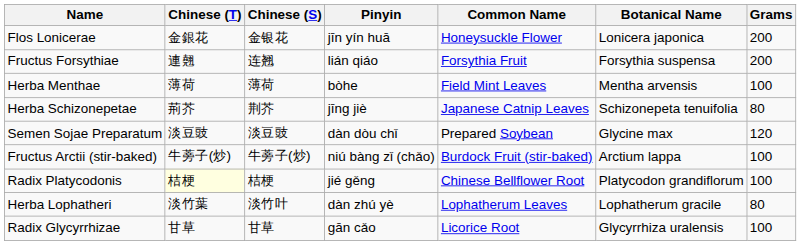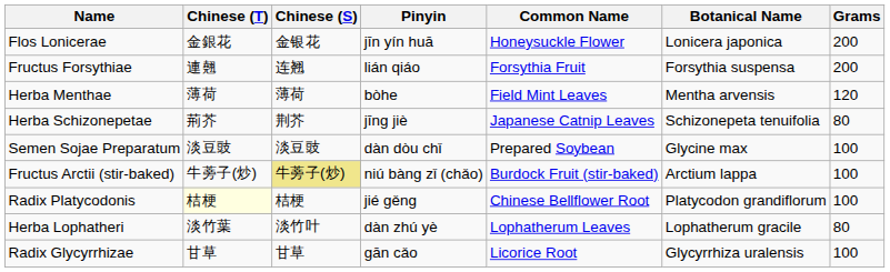 <table class="wikitable sortable">
 <tr>
 <th>Name</th>
 <th>Chinese (<a href='#'>T</a>)</th>
 <th>Chinese (<a href='#'>S</a>)</th>
 <th>Pinyin</th>
 <th>Common Name</th>
 <th>Botanical Name</th>
 <th>Grams</th>
 </tr>
 <tr>
 <td>Flos Lonicerae</td>
 <td>金銀花</td>
 <td>金银花</td>
 <td>jīn yín huā</td>
 <td><a href='#'>Honeysuckle Flower</a></td>
 <td>Lonicera japonica</td>
 <td>200</td>
 </tr>
 <tr>
 <td>Fructus Forsythiae</td>
 <td>連翹</td>
 <td>连翘</td>
 <td>lián qiáo</td>
 <td><a href='#'>Forsythia Fruit</a></td>
 <td>Forsythia suspensa</td>
 <td>200</td>
 </tr>
 <tr>
 <td>Herba Menthae</td>
 <td>薄荷</td>
 <td>薄荷</td>
 <td>bò​he</td>
 <td><a href='#'>Field Mint Leaves</a></td>
 <td>Mentha arvensis</td>
-<td>100</td>
+<td>120</td>
 </tr>
 <tr>
 <td>Herba Schizonepetae</td>
 <td>荊芥</td>
 <td>荆芥</td>
 <td>jīng jiè</td>
 <td><a href='#'>Japanese Catnip Leaves</a></td>
 <td>Schizonepeta tenuifolia</td>
 <td>80</td>
 </tr>
 <tr>
 <td>Semen Sojae Preparatum</td>
 <td>淡豆豉</td>
 <td>淡豆豉</td>
 <td>dàn dòu chǐ</td>
 <td>Prepared <a href='#'>Soybean</a></td>
 <td>Glycine max</td>
-<td>120</td>
+<td>100</td>
 </tr>
 <tr>
 <td>Fructus Arctii (stir-baked)</td>
 <td>牛蒡子(炒)</td>
-<td>牛蒡子(炒)</td>
+<td style="background: khaki;">牛蒡子(炒)</td>
 <td>niú bàng zǐ (chǎo)</td>
 <td><a href='#'>Burdock Fruit (stir-baked)</a></td>
 <td>Arctium lappa</td>
 <td>100</td>
 </tr>
 <tr>
 <td>Radix Platycodonis</td>
 <td style="background: lightyellow;">桔梗</td>
 <td>桔梗</td>
 <td>jié gěng</td>
 <td><a href='#'>Chinese Bellflower Root</a></td>
 <td>Platycodon grandiflorum</td>
 <td>100</td>
 </tr>
 <tr>
 <td>Herba Lophatheri</td>
 <td>淡竹葉</td>
 <td>淡竹叶</td>
 <td>dàn zhú yè</td>
 <td><a href='#'>Lophatherum Leaves</a></td>
 <td>Lophatherum gracile</td>
 <td>80</td>
 </tr>
 <tr>
 <td>Radix Glycyrrhizae</td>
 <td>甘草</td>
 <td>甘草</td>
 <td>gān cǎo</td>
 <td><a href='#'>Licorice Root</a></td>
 <td>Glycyrrhiza uralensis</td>
 <td>100</td>
 </tr>
 </table>
